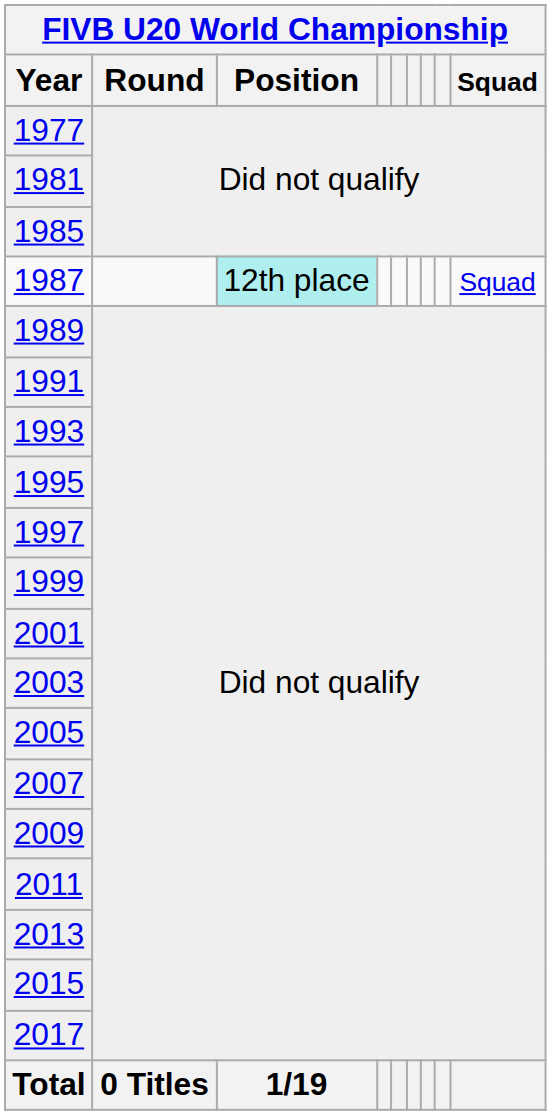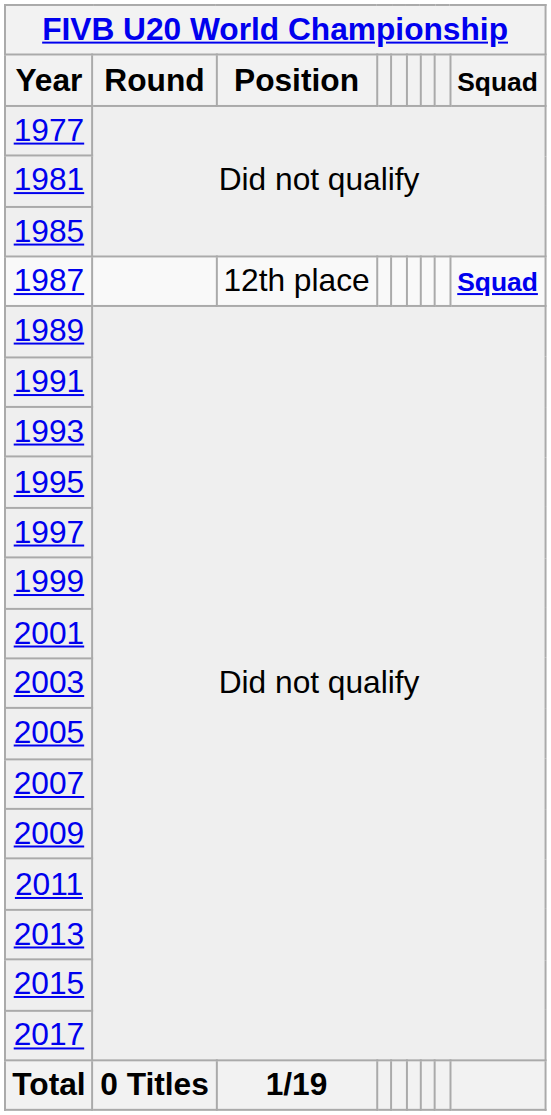 <table class="wikitable" style="text-align: center;">
 <tr>
 <th colspan=9><a href='#'>FIVB U20 World Championship</a></th>
 </tr>
 <tr>
 <th>Year</th>
 <th>Round</th>
 <th>Position</th>
 <th></th>
 <th></th>
 <th></th>
 <th></th>
 <th></th>
 <th><small>Squad</small></th>
 </tr>
 <tr bgcolor="efefef">
 <td> <a href='#'>1977</a></td>
 <td colspan=9 rowspan=3>Did not qualify</td>
 </tr>
 <tr bgcolor="efefef">
 <td> <a href='#'>1981</a></td>
 </tr>
 <tr bgcolor="efefef">
 <td> <a href='#'>1985</a></td>
 </tr>
 <tr>
 <td> <a href='#'>1987</a></td>
 <td></td>
-<td style="background: paleturquoise;">12th place</td>
+<td>12th place</td>
 <td></td>
 <td></td>
 <td></td>
 <td></td>
 <td></td>
-<td><small><a href='#'>Squad</a></small></td>
+<td><strong><small><a href='#'>Squad</a></small></strong></td>
 </tr>
 <tr bgcolor="efefef">
 <td> <a href='#'>1989</a></td>
 <td colspan=8 rowspan=15>Did not qualify</td>
 </tr>
 <tr bgcolor="efefef">
 <td> <a href='#'>1991</a></td>
 </tr>
 <tr bgcolor="efefef">
 <td> <a href='#'>1993</a></td>
 </tr>
 <tr bgcolor="efefef">
 <td> <a href='#'>1995</a></td>
 </tr>
 <tr bgcolor="efefef">
 <td> <a href='#'>1997</a></td>
 </tr>
 <tr bgcolor="efefef">
 <td> <a href='#'>1999</a></td>
 </tr>
 <tr bgcolor="efefef">
 <td> <a href='#'>2001</a></td>
 </tr>
 <tr bgcolor="efefef">
 <td> <a href='#'>2003</a></td>
 </tr>
 <tr bgcolor="efefef">
 <td> <a href='#'>2005</a></td>
 </tr>
 <tr bgcolor="efefef">
 <td> <a href='#'>2007</a></td>
 </tr>
 <tr bgcolor="efefef">
 <td> <a href='#'>2009</a></td>
 </tr>
 <tr bgcolor="efefef">
 <td> <a href='#'>2011</a></td>
 </tr>
 <tr bgcolor="efefef">
 <td> <a href='#'>2013</a></td>
 </tr>
 <tr bgcolor="efefef">
 <td> <a href='#'>2015</a></td>
 </tr>
 <tr bgcolor="efefef">
 <td> <a href='#'>2017</a></td>
 </tr>
 <tr>
 <th>Total</th>
 <th>0 Titles</th>
 <th>1/19</th>
 <th></th>
 <th></th>
 <th></th>
 <th></th>
 <th></th>
 <th></th>
 </tr>
 </table>
